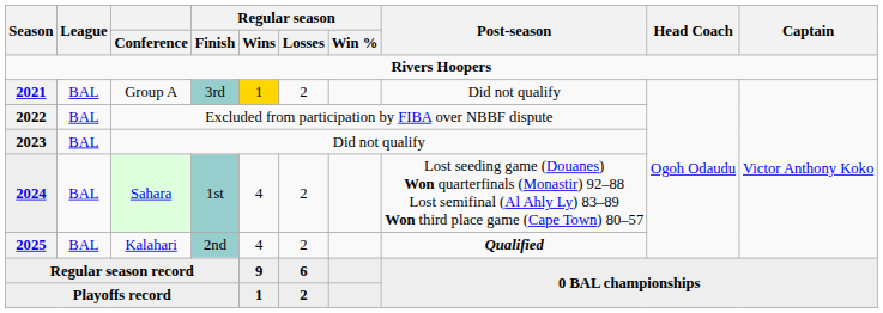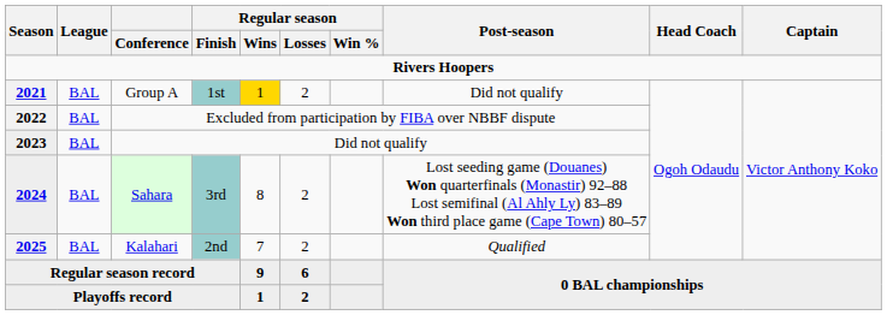 <table class="wikitable" style="font-size:95%; text-align:center">
 <tr>
 <th rowspan="2">Season</th>
 <th rowspan="2">League</th>
 <th></th>
 <th colspan="4">Regular season</th>
 <th rowspan="2">Post-season</th>
 <th rowspan="2">Head Coach</th>
 <th rowspan="2">Captain</th>
 </tr>
 <tr>
 <th>Conference</th>
 <th>Finish</th>
 <th>Wins</th>
 <th>Losses</th>
 <th>Win %</th>
 </tr>
 <tr>
 <td colspan="11" align="center"><strong>Rivers Hoopers</strong></td>
 </tr>
 <tr>
 <th><a href='#'>2021</a></th>
 <td><a href='#'>BAL</a></td>
 <td>Group A</td>
-<td style="text-align:center;background-color:#96CDCD;">3rd</td>
+<td style="text-align:center; background-color:#96CDCD;">1st</td>
 <td style="background: gold;">1</td>
 <td>2</td>
 <td></td>
 <td>Did not qualify</td>
 <td rowspan="5"><a href='#'>Ogoh Odaudu</a></td>
 <td rowspan="5"><a href='#'>Victor Anthony Koko</a></td>
 </tr>
 <tr>
 <th>2022</th>
 <td><a href='#'>BAL</a></td>
 <td colspan="6">Excluded from participation by <a href='#'>FIBA</a> over NBBF dispute</td>
 </tr>
 <tr>
 <th style="background:#eee;">2023</th>
 <td style="text-align:center;"><a href='#'>BAL</a></td>
 <td colspan="6">Did not qualify</td>
 </tr>
 <tr>
 <th style="background:#eee;"><a href='#'>2024</a></th>
 <td style="text-align:center;"><a href='#'>BAL</a></td>
 <td bgcolor="#DDFFDD"><a href='#'>Sahara</a></td>
-<td style="text-align:center; background-color:#96CDCD;">1st</td>
-<td style="text-align:center;">4</td>
+<td style="text-align:center;background-color:#96CDCD;">3rd</td>
+<td style="text-align:center;">8</td>
 <td style="text-align:center;">2</td>
 <td style="text-align:center;"></td>
 <td style="text-align:center;background-color: ;">Lost seeding game (<a href='#'>Douanes</a>)<br><strong>Won</strong> quarterfinals (<a href='#'>Monastir</a>) 92–88<br>Lost semifinal (<a href='#'>Al Ahly Ly</a>) 83–89<br><strong>Won</strong> third place game (<a href='#'>Cape Town</a>) 80–57</td>
 </tr>
 <tr>
 <th><a href='#'>2025</a></th>
 <td style="text-align: center;"><a href='#'>BAL</a></td>
 <td><a href='#'>Kalahari</a></td>
 <td style="text-align:center; background-color:#96CDCD;">2nd</td>
-<td>4</td>
+<td>7</td>
 <td>2</td>
 <td></td>
-<td style="text-align: center;"><strong><em>Qualified</em></strong></td>
+<td style="text-align: center;"><em>Qualified</em></td>
 </tr>
 <tr>
 <th colspan="4" style="background:#eee;">Regular season record</th>
 <td style="background:#eee;"><strong>9</strong></td>
 <td style="background:#eee;"><strong>6</strong></td>
 <td style="background:#eee;"><strong></strong></td>
 <td colspan="3" rowspan="2" style="background:#eee;"><strong>0 BAL championships</strong></td>
 </tr>
 <tr>
 <th colspan="4" style="background:#eee;">Playoffs record</th>
 <td style="background:#eee;"><strong>1</strong></td>
 <td style="background:#eee;"><strong>2</strong></td>
 <td style="background:#eee;"><strong></strong></td>
 </tr>
 </table>
